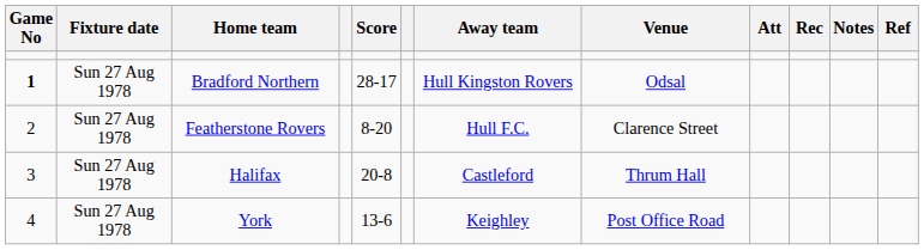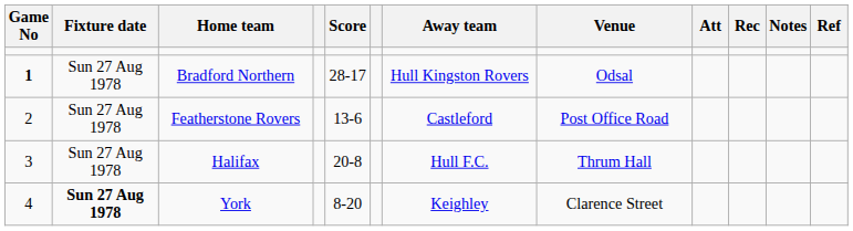 <table class="wikitable" style="text-align:center;">
 <tr>
 <th width=20 abbr="No">Game No</th>
 <th width=100 abbr="Date">Fixture date</th>
 <th width=150 abbr="Home team">Home team</th>
 <th width=5 abbr="space"></th>
 <th width=20 abbr="Score">Score</th>
 <th width=5 abbr="space"></th>
 <th width=150 abbr="Away team">Away team</th>
 <th width=150 abbr="Venue">Venue</th>
 <th width=30 abbr="Att">Att</th>
 <th width=30 abbr="Rec">Rec</th>
 <th width=20 abbr="Notes">Notes</th>
 <th width=30 abbr="Ref">Ref</th>
 </tr>
 <tr>
 <td></td>
 <td></td>
 <td></td>
 <td></td>
 <td></td>
 <td></td>
 <td></td>
 <td></td>
 <td></td>
 <td></td>
 <td></td>
 </tr>
 <tr>
 <td><strong>1</strong></td>
 <td>Sun 27 Aug 1978</td>
 <td><a href='#'>Bradford Northern</a></td>
 <td></td>
 <td>28-17</td>
 <td></td>
 <td><a href='#'>Hull Kingston Rovers</a></td>
 <td><a href='#'>Odsal</a></td>
 <td></td>
 <td></td>
 <td></td>
 <td></td>
 </tr>
 <tr>
 <td>2</td>
 <td>Sun 27 Aug 1978</td>
 <td><a href='#'>Featherstone Rovers</a></td>
 <td></td>
-<td>8-20</td>
+<td>13-6</td>
 <td></td>
-<td><a href='#'>Hull F.C.</a></td>
-<td>Clarence Street</td>
+<td><a href='#'>Castleford</a></td>
+<td><a href='#'>Post Office Road</a></td>
 <td></td>
 <td></td>
 <td></td>
 <td></td>
 </tr>
 <tr>
 <td>3</td>
 <td>Sun 27 Aug 1978</td>
 <td><a href='#'>Halifax</a></td>
 <td></td>
 <td>20-8</td>
 <td></td>
-<td><a href='#'>Castleford</a></td>
+<td><a href='#'>Hull F.C.</a></td>
 <td><a href='#'>Thrum Hall</a></td>
 <td></td>
 <td></td>
 <td></td>
 <td></td>
 </tr>
 <tr>
 <td>4</td>
-<td>Sun 27 Aug 1978</td>
+<td><strong>Sun 27 Aug 1978</strong></td>
 <td><a href='#'>York</a></td>
 <td></td>
-<td>13-6</td>
+<td>8-20</td>
 <td></td>
 <td><a href='#'>Keighley</a></td>
-<td><a href='#'>Post Office Road</a></td>
+<td>Clarence Street</td>
 <td></td>
 <td></td>
 <td></td>
 <td></td>
 </tr>
 </table>
